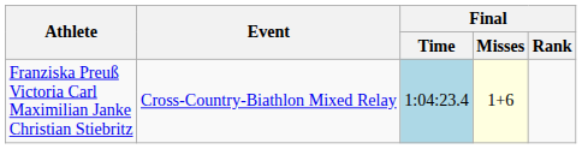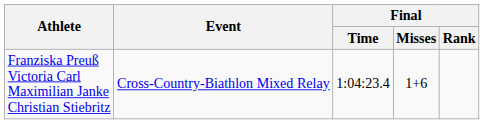 <table class="wikitable">
 <tr>
 <th rowspan="2">Athlete</th>
 <th rowspan="2">Event</th>
 <th colspan="3">Final</th>
 </tr>
 <tr>
 <th>Time</th>
 <th>Misses</th>
 <th>Rank</th>
 </tr>
 <tr>
 <td><a href='#'>Franziska Preuß</a><br><a href='#'>Victoria Carl</a><br><a href='#'>Maximilian Janke</a><br><a href='#'>Christian Stiebritz</a></td>
 <td><a href='#'>Cross-Country-Biathlon Mixed Relay</a></td>
-<td align="center" style="background: lightblue;">1:04:23.4</td>
-<td align="center" style="background: lightyellow;">1+6</td>
+<td align="center">1:04:23.4</td>
+<td align="center">1+6</td>
 <td align="center"></td>
 </tr>
 </table>
